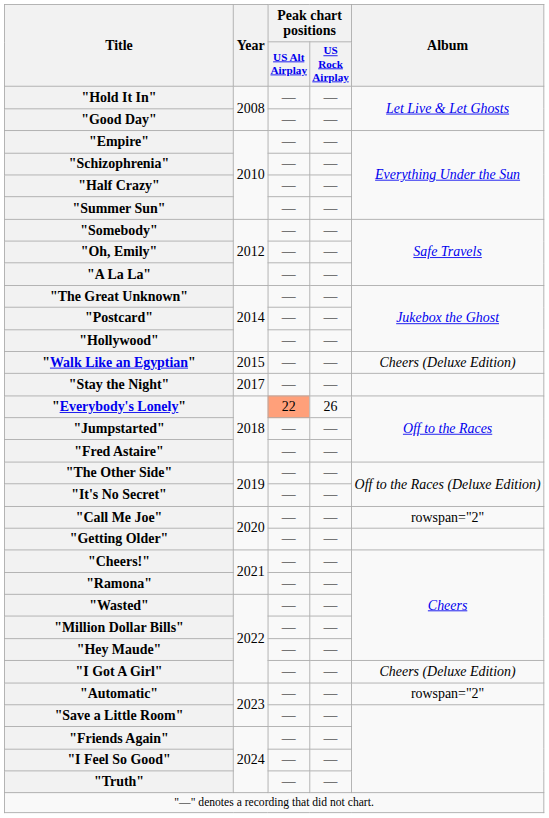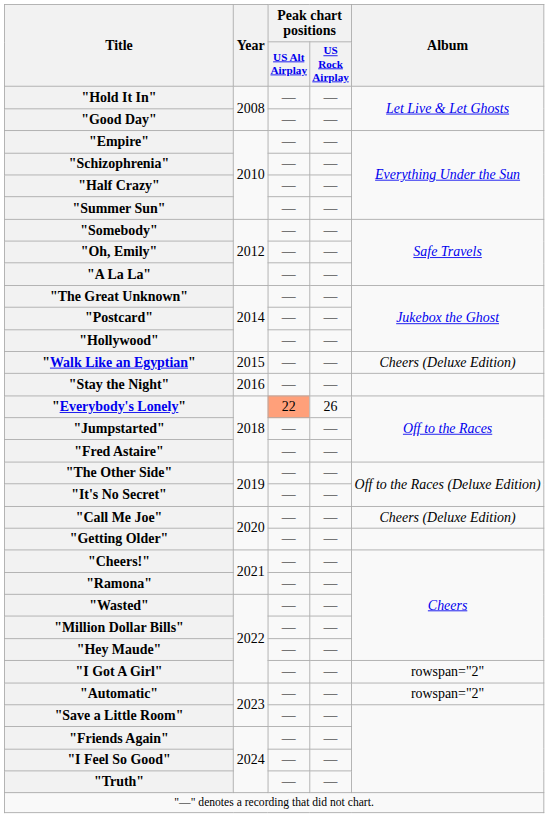 <table class="wikitable plainrowheaders" style="text-align:center;">
 <tr>
 <th scope="col" rowspan="2" style="width:16em;">Title</th>
 <th scope="col" rowspan="2">Year</th>
 <th scope="col" colspan="2">Peak chart positions</th>
 <th scope="col" rowspan="2">Album</th>
 </tr>
 <tr>
 <th scope="col" style="width:3em; font-size:80%;"><a href='#'>US Alt Airplay</a><br></th>
 <th scope="col" style="width:3em; font-size:80%;"><a href='#'>US Rock Airplay</a><br></th>
 </tr>
 <tr>
 <th scope="row">"Hold It In"</th>
 <td rowspan="2">2008</td>
 <td>—</td>
 <td>—</td>
 <td rowspan="2"><em><a href='#'>Let Live & Let Ghosts</a></em></td>
 </tr>
 <tr>
 <th scope="row">"Good Day"</th>
 <td>—</td>
 <td>—</td>
 </tr>
 <tr>
 <th scope="row">"Empire"</th>
 <td rowspan="4">2010</td>
 <td>—</td>
 <td>—</td>
 <td rowspan="4"><em><a href='#'>Everything Under the Sun</a></em></td>
 </tr>
 <tr>
 <th scope="row">"Schizophrenia"</th>
 <td>—</td>
 <td>—</td>
 </tr>
 <tr>
 <th scope="row">"Half Crazy"</th>
 <td>—</td>
 <td>—</td>
 </tr>
 <tr>
 <th scope="row">"Summer Sun"</th>
 <td>—</td>
 <td>—</td>
 </tr>
 <tr>
 <th scope="row">"Somebody"</th>
 <td rowspan="3">2012</td>
 <td>—</td>
 <td>—</td>
 <td rowspan="3"><em><a href='#'>Safe Travels</a></em></td>
 </tr>
 <tr>
 <th scope="row">"Oh, Emily"</th>
 <td>—</td>
 <td>—</td>
 </tr>
 <tr>
 <th scope="row">"A La La"</th>
 <td>—</td>
 <td>—</td>
 </tr>
 <tr>
 <th scope="row">"The Great Unknown"</th>
 <td rowspan="3">2014</td>
 <td>—</td>
 <td>—</td>
 <td rowspan="3"><em><a href='#'>Jukebox the Ghost</a></em></td>
 </tr>
 <tr>
 <th scope="row">"Postcard"</th>
 <td>—</td>
 <td>—</td>
 </tr>
 <tr>
 <th scope="row">"Hollywood"</th>
 <td>—</td>
 <td>—</td>
 </tr>
 <tr>
 <th scope="row">"<a href='#'>Walk Like an Egyptian</a>"<br></th>
 <td>2015</td>
 <td>—</td>
 <td>—</td>
 <td rowspan="1"><em>Cheers (Deluxe Edition)</em></td>
 </tr>
 <tr>
 <th scope="row">"Stay the Night"</th>
-<td>2017</td>
+<td>2016</td>
 <td>—</td>
 <td>—</td>
 </tr>
 <tr>
 <th scope="row">"<a href='#'>Everybody's Lonely</a>"</th>
 <td rowspan="3">2018</td>
 <td style="background: lightsalmon;">22</td>
 <td>26</td>
 <td rowspan="3"><em><a href='#'>Off to the Races</a></em></td>
 </tr>
 <tr>
 <th scope="row">"Jumpstarted"</th>
 <td>—</td>
 <td>—</td>
 </tr>
 <tr>
 <th scope="row">"Fred Astaire"</th>
 <td>—</td>
 <td>—</td>
 </tr>
 <tr>
 <th scope="row">"The Other Side"</th>
 <td rowspan="2">2019</td>
 <td>—</td>
 <td>—</td>
 <td rowspan="2"><em>Off to the Races (Deluxe Edition)</em></td>
 </tr>
 <tr>
 <th scope="row">"It's No Secret"</th>
 <td>—</td>
 <td>—</td>
 </tr>
 <tr>
 <th scope="row">"Call Me Joe"</th>
 <td rowspan="2">2020</td>
 <td>—</td>
 <td>—</td>
-<td>rowspan="2" </td>
+<td rowspan="1"><em>Cheers (Deluxe Edition)</em></td>
 </tr>
 <tr>
 <th scope="row">"Getting Older"</th>
 <td>—</td>
 <td>—</td>
 </tr>
 <tr>
 <th scope="row">"Cheers!"</th>
 <td rowspan="2">2021</td>
 <td>—</td>
 <td>—</td>
 <td rowspan="5"><em><a href='#'>Cheers</a></em></td>
 </tr>
 <tr>
 <th scope="row">"Ramona"</th>
 <td>—</td>
 <td>—</td>
 </tr>
 <tr>
 <th scope="row">"Wasted"</th>
 <td rowspan="4">2022</td>
 <td>—</td>
 <td>—</td>
 </tr>
 <tr>
 <th scope="row">"Million Dollar Bills"</th>
 <td>—</td>
 <td>—</td>
 </tr>
 <tr>
 <th scope="row">"Hey Maude"</th>
 <td>—</td>
 <td>—</td>
 </tr>
 <tr>
 <th scope="row">"I Got A Girl"</th>
 <td>—</td>
 <td>—</td>
-<td rowspan="1"><em>Cheers (Deluxe Edition)</em></td>
+<td>rowspan="2" </td>
 </tr>
 <tr>
 <th scope="row">"Automatic"</th>
 <td rowspan="2">2023</td>
 <td>—</td>
 <td>—</td>
 <td>rowspan="2" </td>
 </tr>
 <tr>
 <th scope="row">"Save a Little Room"</th>
 <td>—</td>
 <td>—</td>
 </tr>
 <tr>
 <th scope="row">"Friends Again"</th>
 <td rowspan="3">2024</td>
 <td>—</td>
 <td>—</td>
 </tr>
 <tr>
 <th scope="row">"I Feel So Good"</th>
 <td>—</td>
 <td>—</td>
 </tr>
 <tr>
 <th scope="row">"Truth"</th>
 <td>—</td>
 <td>—</td>
 </tr>
 <tr>
 <td colspan="8" style="font-size:smaller;">"—" denotes a recording that did not chart.</td>
 </tr>
 </table>
